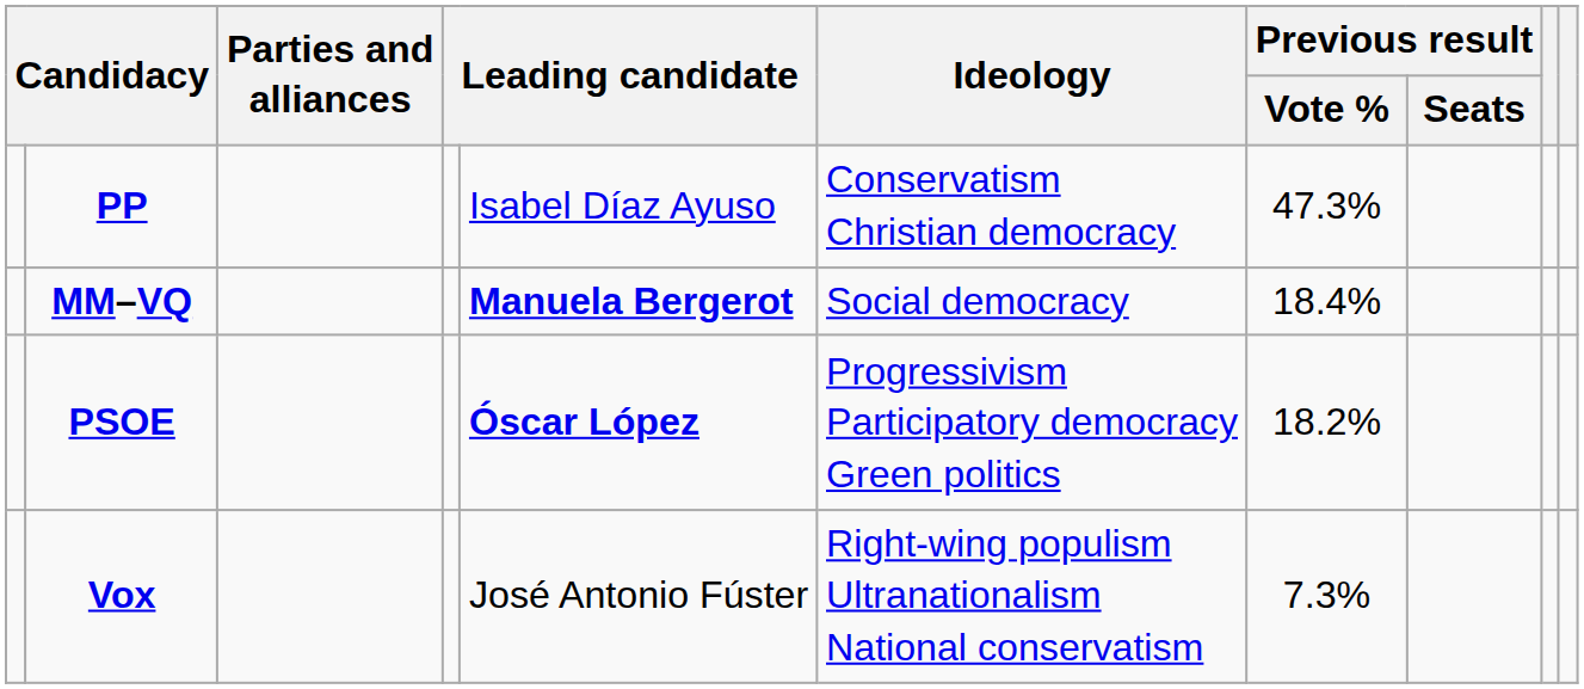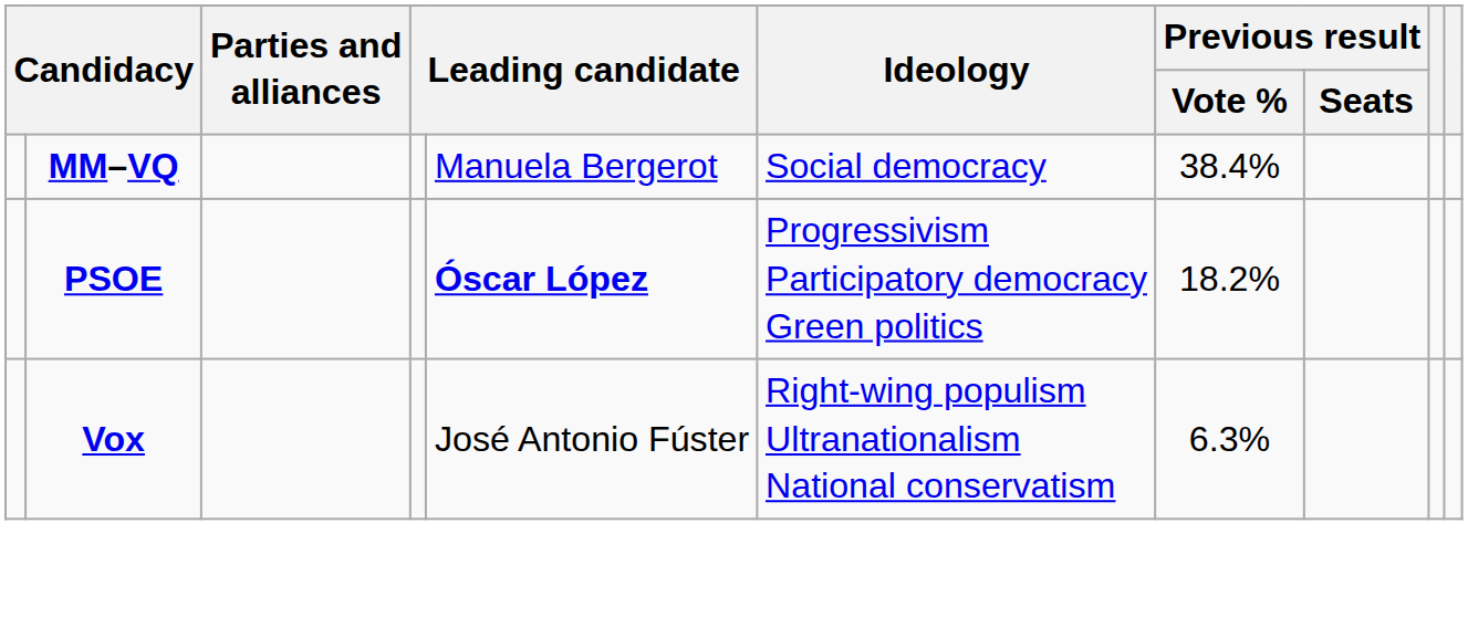 <table class="wikitable" style="line-height:1.35em; text-align:left;">
 <tr>
 <th colspan="2" rowspan="2">Candidacy</th>
 <th rowspan="2">Parties and<br>alliances</th>
 <th colspan="2" rowspan="2">Leading candidate</th>
 <th rowspan="2">Ideology</th>
 <th colspan="2">Previous result</th>
 <th rowspan="2"></th>
 <th rowspan="2"></th>
 </tr>
 <tr>
 <th>Vote %</th>
 <th>Seats</th>
 </tr>
 <tr>
-<td width="1" style="color:inherit;background:"></td>
-<td align="center"><strong><a href='#'>PP</a></strong></td>
-<td></td>
-<td></td>
-<td><a href='#'>Isabel Díaz Ayuso</a></td>
-<td><a href='#'>Conservatism</a><br><a href='#'>Christian democracy</a></td>
-<td align="center">47.3%</td>
-<td></td>
-<td></td>
-<td></td>
-</tr>
-<tr>
 <td style="color:inherit;background:"></td>
 <td align="center"><strong><a href='#'>MM</a>–<a href='#'>VQ</a></strong></td>
 <td></td>
 <td></td>
-<td><strong><a href='#'>Manuela Bergerot</a></strong></td>
+<td><a href='#'>Manuela Bergerot</a></td>
 <td><a href='#'>Social democracy</a></td>
-<td align="center">18.4%</td>
+<td align="center">38.4%</td>
 <td></td>
 <td></td>
 <td></td>
 </tr>
 <tr>
 <td style="color:inherit;background:"></td>
 <td align="center"><strong><a href='#'>PSOE</a></strong></td>
 <td></td>
 <td></td>
 <td><strong><a href='#'>Óscar López</a></strong></td>
 <td><a href='#'>Progressivism</a><br><a href='#'>Participatory democracy</a><br><a href='#'>Green politics</a></td>
 <td align="center">18.2%</td>
 <td></td>
 <td></td>
 <td><br></td>
 </tr>
 <tr>
 <td style="color:inherit;background:"></td>
 <td align="center"><strong><a href='#'>Vox</a></strong></td>
 <td></td>
 <td></td>
 <td>José Antonio Fúster</td>
 <td><a href='#'>Right-wing populism</a><br><a href='#'>Ultranationalism</a><br><a href='#'>National conservatism</a></td>
-<td align="center">7.3%</td>
+<td align="center">6.3%</td>
 <td></td>
 <td></td>
 <td></td>
 </tr>
 </table>
